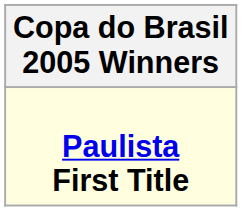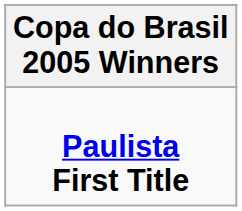 <table class="wikitable" style="text-align: center; margin: 0 auto;">
 <tr>
 <th>Copa do Brasil<br>2005 Winners</th>
 </tr>
 <tr>
-<td style="background: lightyellow;"><br><strong><a href='#'>Paulista</a></strong><br><strong>First Title</strong></td>
+<td><br><strong><a href='#'>Paulista</a></strong><br><strong>First Title</strong></td>
 </tr>
 </table>
